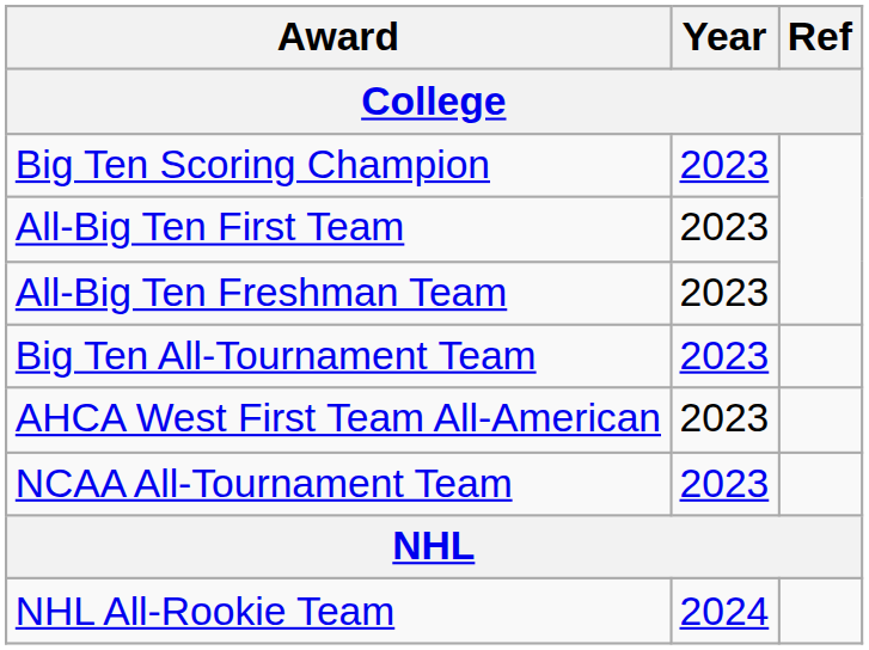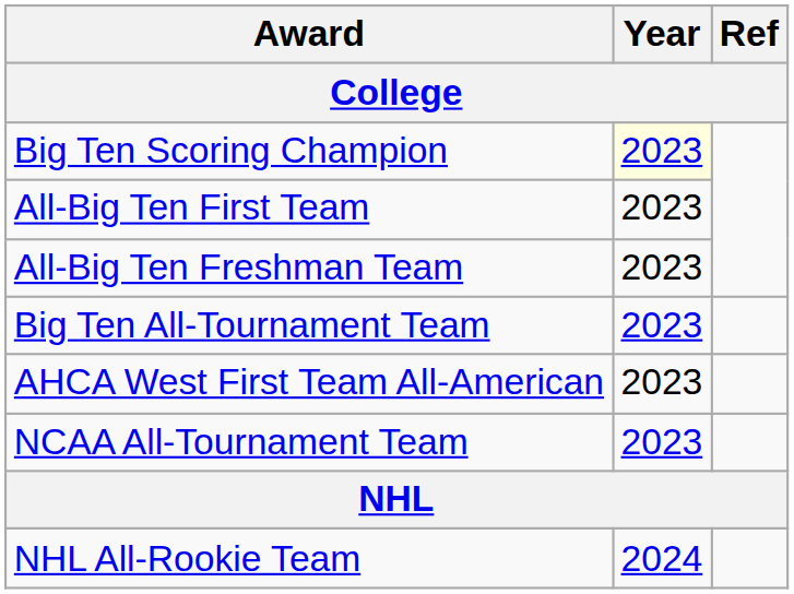 <table class="wikitable">
 <tr>
 <th>Award</th>
 <th>Year</th>
 <th>Ref</th>
 </tr>
 <tr>
 <th colspan="3"><a href='#'>College</a></th>
 </tr>
 <tr>
 <td><a href='#'>Big Ten Scoring Champion</a></td>
-<td><a href='#'>2023</a></td>
+<td style="background: lightyellow;"><a href='#'>2023</a></td>
 <td rowspan="3"></td>
 </tr>
 <tr>
 <td><a href='#'>All-Big Ten First Team</a></td>
 <td>2023</td>
 </tr>
 <tr>
 <td><a href='#'>All-Big Ten Freshman Team</a></td>
 <td>2023</td>
 </tr>
 <tr>
 <td><a href='#'>Big Ten All-Tournament Team</a></td>
 <td><a href='#'>2023</a></td>
 <td></td>
 </tr>
 <tr>
 <td><a href='#'>AHCA West First Team All-American</a></td>
 <td>2023</td>
 <td></td>
 </tr>
 <tr>
 <td><a href='#'>NCAA All-Tournament Team</a></td>
 <td><a href='#'>2023</a></td>
 <td></td>
 </tr>
 <tr>
 <th colspan="3"><a href='#'>NHL</a></th>
 </tr>
 <tr>
 <td><a href='#'>NHL All-Rookie Team</a></td>
 <td><a href='#'>2024</a></td>
 <td></td>
 </tr>
 </table>
